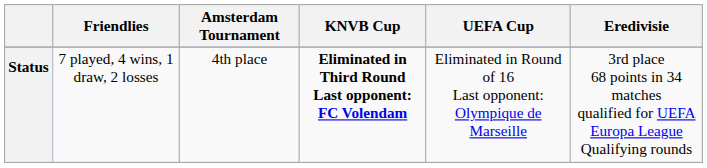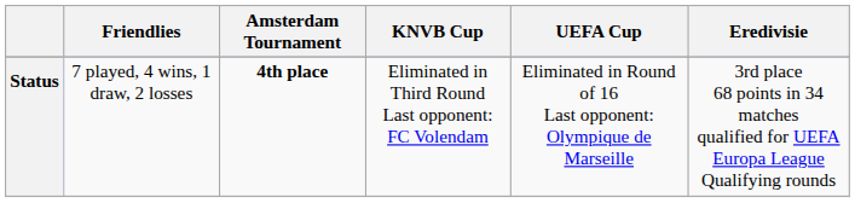 <table class="wikitable" style="width:100%; font-size:85%;">
 <tr>
 <th></th>
 <th style="border-bottom:1px solid #B5B7CF;">Friendlies</th>
 <th style="border-bottom:1px solid #B5B7CF;">Amsterdam Tournament</th>
 <th style="border-bottom:1px solid #B5B7CF;">KNVB Cup</th>
 <th style="border-bottom:1px solid #B5B7CF;">UEFA Cup</th>
 <th style="border-bottom:1px solid #B5B7CF;">Eredivisie</th>
 </tr>
 <tr>
 </tr>
 <tr style="font-size:100%;" valign="top">
 <th style="border-right:1px solid #B5B7CF;text-align:right;padding-top:10px;">Status</th>
 <td align=center>7 played, 4 wins, 1 draw, 2 losses</td>
-<td align=center>4th place</td>
-<td align=center><strong>Eliminated in Third Round<br>Last opponent: <a href='#'>FC Volendam</a></strong></td>
+<td align=center><strong>4th place</strong></td>
+<td align=center>Eliminated in Third Round<br>Last opponent: <a href='#'>FC Volendam</a></td>
 <td align=center>Eliminated in Round of 16<br>Last opponent: <a href='#'>Olympique de Marseille</a></td>
 <td align=center>3rd place<br>68 points in 34 matches<br>qualified for <a href='#'>UEFA Europa League</a><br>Qualifying rounds</td>
 </tr>
 <tr>
 </tr>
 </table>
